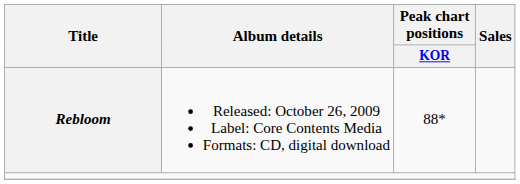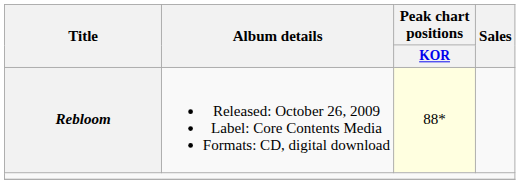 <table class="wikitable plainrowheaders" style="text-align:center;">
 <tr>
 <th scope="col" rowspan="2" style="width:10em;">Title</th>
 <th scope="col" rowspan="2">Album details</th>
 <th scope="col" colspan="1" style="width:5em;">Peak chart positions</th>
 <th scope="col" rowspan="2">Sales</th>
 </tr>
 <tr>
 <th scope="col" style="width:3em;font-size:90%;"><a href='#'>KOR</a><br></th>
 </tr>
 <tr>
 <th scope="row"><em>Rebloom</em></th>
 <td><br><ul><li>Released: October 26, 2009</li><li>Label: Core Contents Media</li><li>Formats: CD, digital download</li></ul></td>
-<td>88*</td>
+<td style="background: lightyellow;">88*</td>
 <td></td>
 </tr>
 <tr>
 <td colspan="4"></td>
 </tr>
 <tr>
 </tr>
 </table>
